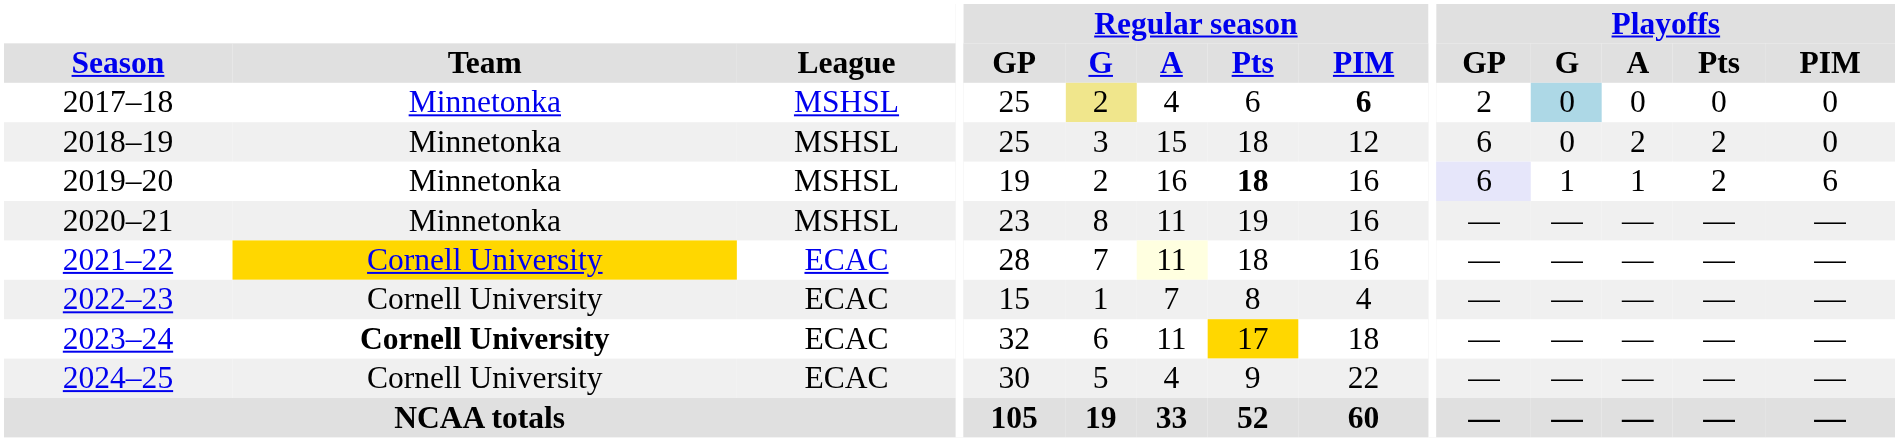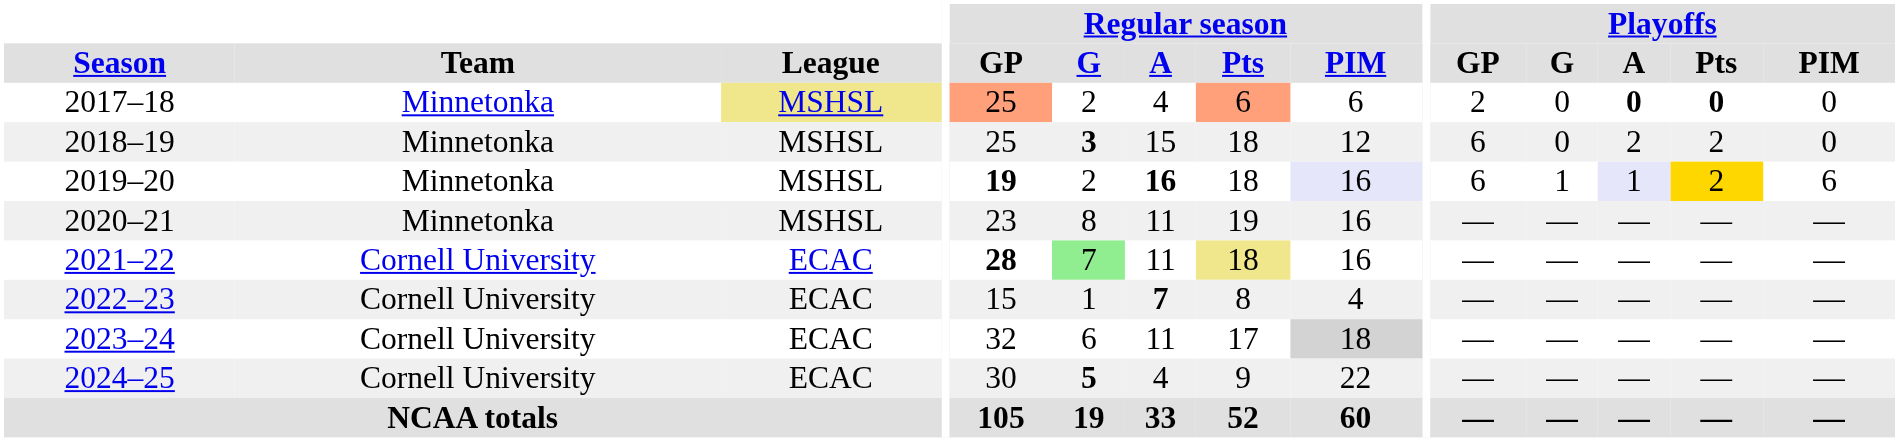 <table border="0" cellpadding="1" cellspacing="0" style="text-align:center; width:60em">
 <tr bgcolor="#e0e0e0">
 <th colspan="3" bgcolor="#ffffff"></th>
 <th rowspan="97" bgcolor="#ffffff"></th>
 <th colspan="5"><a href='#'>Regular season</a></th>
 <th rowspan="97" bgcolor="#ffffff"></th>
 <th colspan="5"><a href='#'>Playoffs</a></th>
 </tr>
 <tr bgcolor="#e0e0e0">
 <th><a href='#'>Season</a></th>
 <th>Team</th>
 <th>League</th>
 <th>GP</th>
 <th><a href='#'>G</a></th>
 <th><a href='#'>A</a></th>
 <th><a href='#'>Pts</a></th>
 <th><a href='#'>PIM</a></th>
 <th>GP</th>
 <th>G</th>
 <th>A</th>
 <th>Pts</th>
 <th>PIM</th>
 </tr>
 <tr>
 <td>2017–18</td>
 <td><a href='#'>Minnetonka</a></td>
-<td><a href='#'>MSHSL</a></td>
-<td>25</td>
-<td style="background: khaki;">2</td>
+<td style="background: khaki;"><a href='#'>MSHSL</a></td>
+<td style="background: lightsalmon;">25</td>
+<td>2</td>
 <td>4</td>
+<td style="background: lightsalmon;">6</td>
 <td>6</td>
-<td><strong>6</strong></td>
 <td>2</td>
-<td style="background: lightblue;">0</td>
 <td>0</td>
-<td>0</td>
+<td><strong>0</strong></td>
+<td><strong>0</strong></td>
 <td>0</td>
 </tr>
 <tr bgcolor="#f0f0f0">
 <td>2018–19</td>
 <td>Minnetonka</td>
 <td>MSHSL</td>
 <td>25</td>
-<td>3</td>
+<td><strong>3</strong></td>
 <td>15</td>
 <td>18</td>
 <td>12</td>
 <td>6</td>
 <td>0</td>
 <td>2</td>
 <td>2</td>
 <td>0</td>
 </tr>
 <tr>
 <td>2019–20</td>
 <td>Minnetonka</td>
 <td>MSHSL</td>
-<td>19</td>
+<td><strong>19</strong></td>
 <td>2</td>
-<td>16</td>
-<td><strong>18</strong></td>
-<td>16</td>
-<td style="background: lavender;">6</td>
+<td><strong>16</strong></td>
+<td>18</td>
+<td style="background: lavender;">16</td>
+<td>6</td>
 <td>1</td>
-<td>1</td>
-<td>2</td>
+<td style="background: lavender;">1</td>
+<td style="background: gold;">2</td>
 <td>6</td>
 </tr>
 <tr bgcolor="#f0f0f0">
 <td>2020–21</td>
 <td>Minnetonka</td>
 <td>MSHSL</td>
 <td>23</td>
 <td>8</td>
 <td>11</td>
 <td>19</td>
 <td>16</td>
 <td>—</td>
 <td>—</td>
 <td>—</td>
 <td>—</td>
 <td>—</td>
 </tr>
 <tr>
 <td><a href='#'>2021–22</a></td>
-<td style="background: gold;"><a href='#'>Cornell University</a></td>
+<td><a href='#'>Cornell University</a></td>
 <td><a href='#'>ECAC</a></td>
-<td>28</td>
-<td>7</td>
-<td style="background: lightyellow;">11</td>
-<td>18</td>
+<td><strong>28</strong></td>
+<td style="background: lightgreen;">7</td>
+<td>11</td>
+<td style="background: khaki;">18</td>
 <td>16</td>
 <td>—</td>
 <td>—</td>
 <td>—</td>
 <td>—</td>
 <td>—</td>
 </tr>
 <tr bgcolor="#f0f0f0">
 <td><a href='#'>2022–23</a></td>
 <td>Cornell University</td>
 <td>ECAC</td>
 <td>15</td>
 <td>1</td>
-<td>7</td>
+<td><strong>7</strong></td>
 <td>8</td>
 <td>4</td>
 <td>—</td>
 <td>—</td>
 <td>—</td>
 <td>—</td>
 <td>—</td>
 </tr>
 <tr>
 <td><a href='#'>2023–24</a></td>
-<td><strong>Cornell University</strong></td>
+<td>Cornell University</td>
 <td>ECAC</td>
 <td>32</td>
 <td>6</td>
 <td>11</td>
-<td style="background: gold;">17</td>
-<td>18</td>
+<td>17</td>
+<td style="background: lightgrey;">18</td>
 <td>—</td>
 <td>—</td>
 <td>—</td>
 <td>—</td>
 <td>—</td>
 </tr>
 <tr bgcolor="#f0f0f0">
 <td><a href='#'>2024–25</a></td>
 <td>Cornell University</td>
 <td>ECAC</td>
 <td>30</td>
-<td>5</td>
+<td><strong>5</strong></td>
 <td>4</td>
 <td>9</td>
 <td>22</td>
 <td>—</td>
 <td>—</td>
 <td>—</td>
 <td>—</td>
 <td>—</td>
 </tr>
 <tr bgcolor="#e0e0e0">
 <th colspan="3">NCAA totals</th>
 <th>105</th>
 <th>19</th>
 <th>33</th>
 <th>52</th>
 <th>60</th>
 <th>—</th>
 <th>—</th>
 <th>—</th>
 <th>—</th>
 <th>—</th>
 </tr>
 </table>
